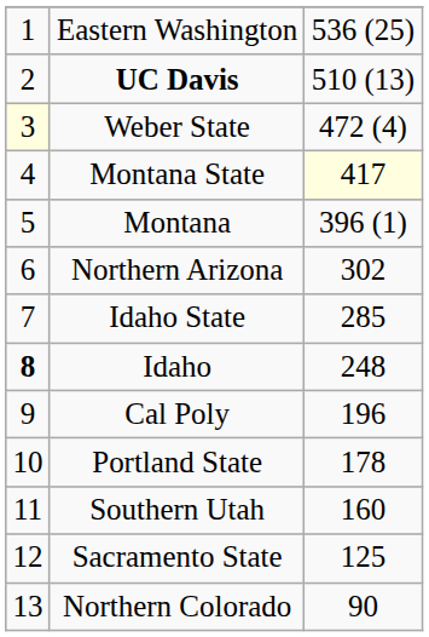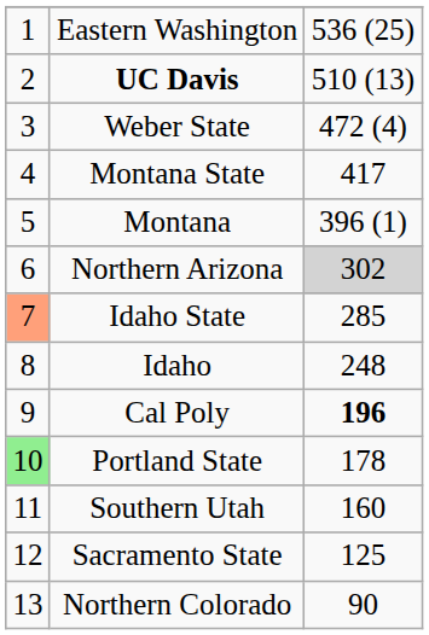 <table class="wikitable" style="display: inline-table;">
 <tr align="center">
 </tr>
 <tr align="center">
 <td>1</td>
 <td>Eastern Washington</td>
 <td>536 (25)</td>
 </tr>
 <tr align="center">
 <td>2</td>
 <td><strong>UC Davis</strong></td>
 <td>510 (13)</td>
 </tr>
 <tr align="center">
-<td style="background: lightyellow;">3</td>
+<td>3</td>
 <td>Weber State</td>
 <td>472 (4)</td>
 </tr>
 <tr align="center">
 <td>4</td>
 <td>Montana State</td>
-<td style="background: lightyellow;">417</td>
+<td>417</td>
 </tr>
 <tr align="center">
 <td>5</td>
 <td>Montana</td>
 <td>396 (1)</td>
 </tr>
 <tr align="center">
 <td>6</td>
 <td>Northern Arizona</td>
-<td>302</td>
+<td style="background: lightgrey;">302</td>
 </tr>
 <tr align="center">
-<td>7</td>
+<td style="background: lightsalmon;">7</td>
 <td>Idaho State</td>
 <td>285</td>
 </tr>
 <tr align="center">
-<td><strong>8</strong></td>
+<td>8</td>
 <td>Idaho</td>
 <td>248</td>
 </tr>
 <tr align="center">
 <td>9</td>
 <td>Cal Poly</td>
-<td>196</td>
+<td><strong>196</strong></td>
 </tr>
 <tr align="center">
-<td>10</td>
+<td style="background: lightgreen;">10</td>
 <td>Portland State</td>
 <td>178</td>
 </tr>
 <tr align="center">
 <td>11</td>
 <td>Southern Utah</td>
 <td>160</td>
 </tr>
 <tr align="center">
 <td>12</td>
 <td>Sacramento State</td>
 <td>125</td>
 </tr>
 <tr align="center">
 <td>13</td>
 <td>Northern Colorado</td>
 <td>90</td>
 </tr>
 </table>
